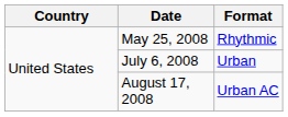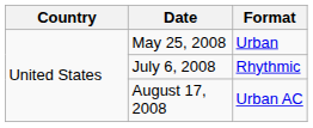 <table class="wikitable">
 <tr>
 <th width="120">Country</th>
 <th width="100">Date</th>
 <th>Format</th>
 </tr>
 <tr>
 <td rowspan="3">United States</td>
 <td>May 25, 2008</td>
-<td><a href='#'>Rhythmic</a></td>
+<td><a href='#'>Urban</a></td>
 </tr>
 <tr>
 <td>July 6, 2008</td>
-<td><a href='#'>Urban</a></td>
+<td><a href='#'>Rhythmic</a></td>
 </tr>
 <tr>
 <td>August 17, 2008</td>
 <td><a href='#'>Urban AC</a></td>
 </tr>
 </table>
